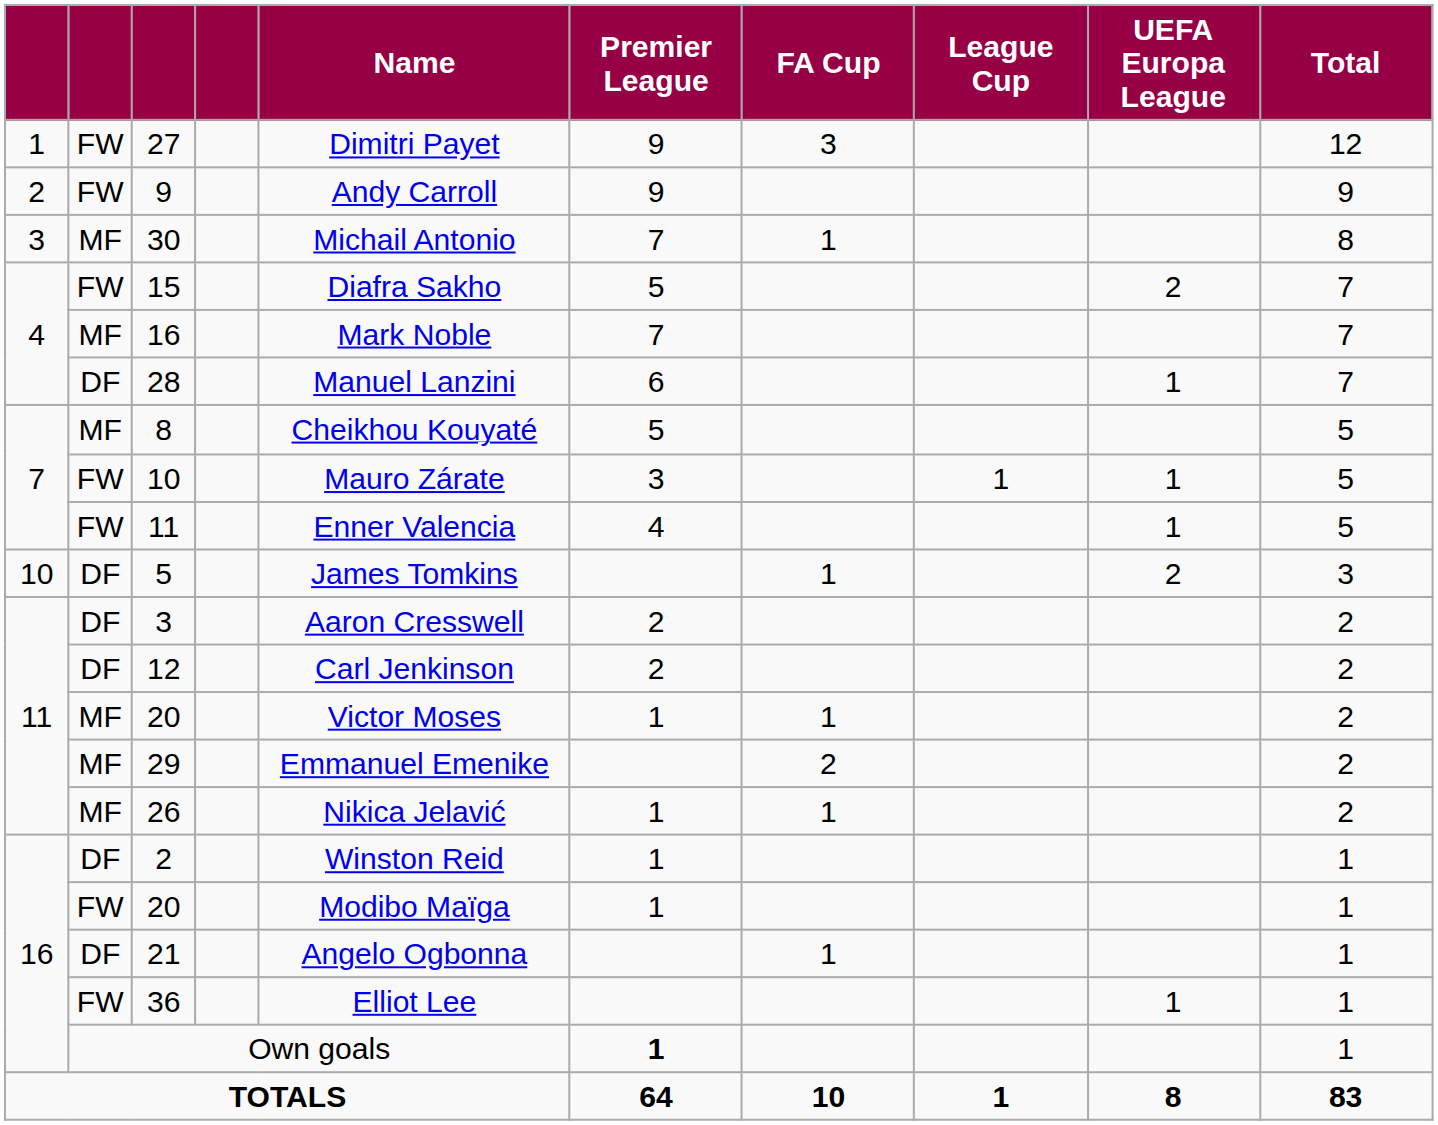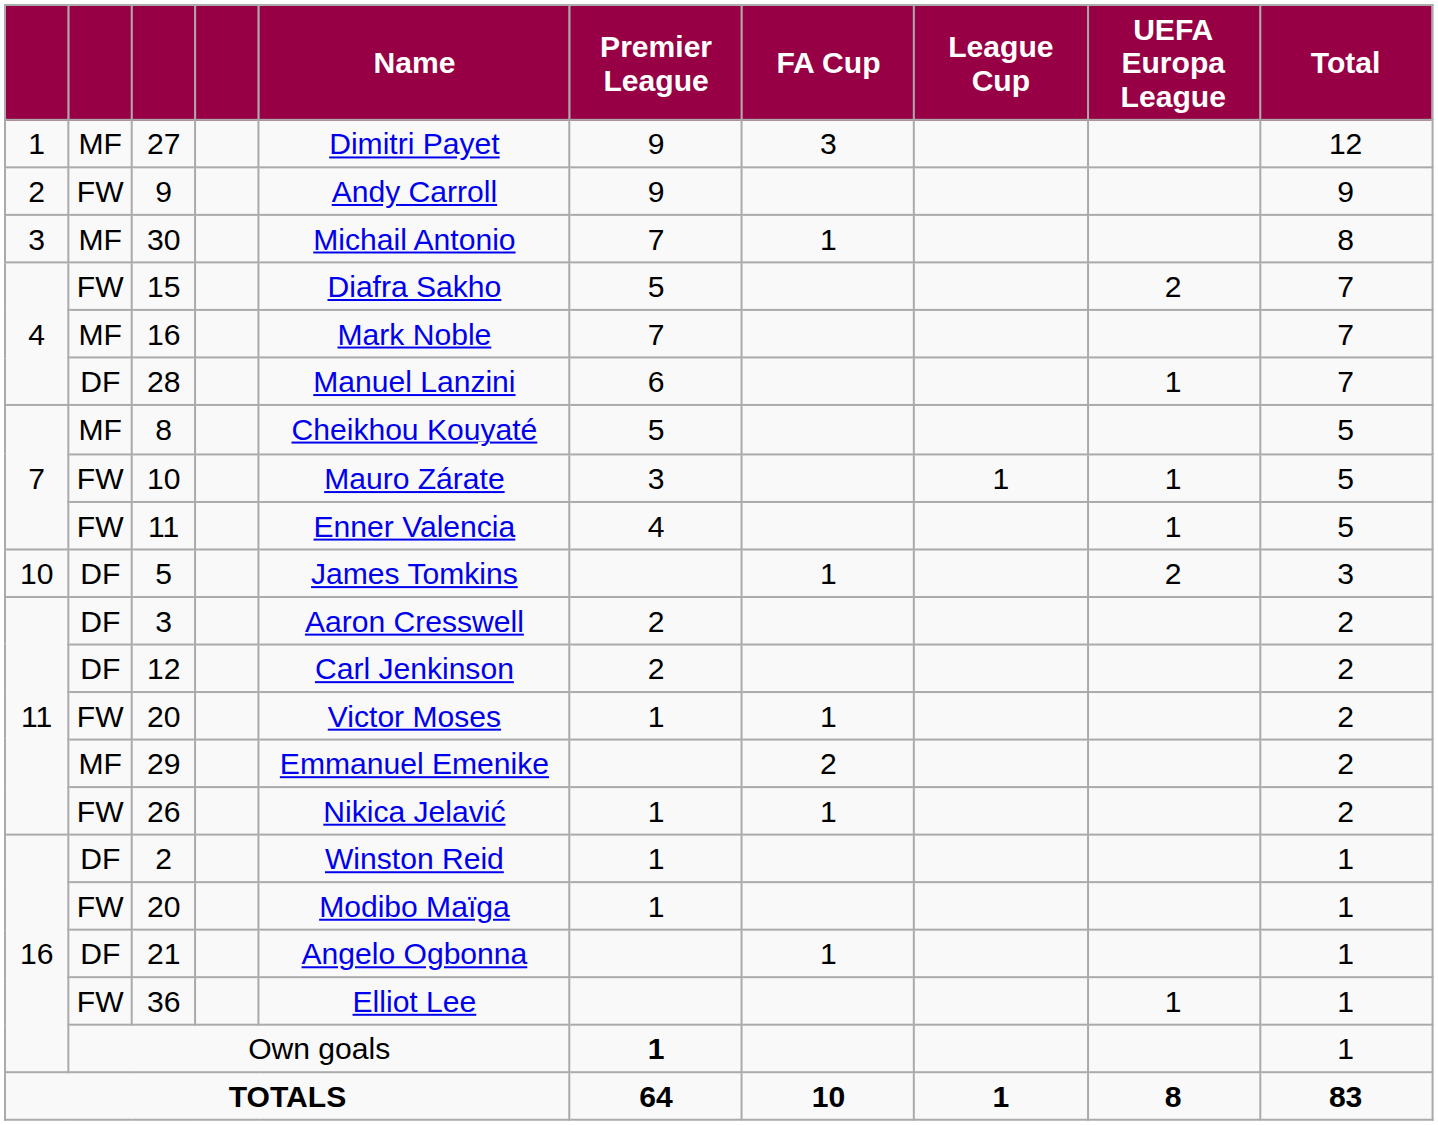 <table class="wikitable sortable" style="font-size: 95%; text-align: center;">
 <tr>
 <th style="width:25px; background:#970045; color:white;"></th>
 <th style="width:25px; background:#970045; color:white;"></th>
 <th style="width:25px; background:#970045; color:white;"></th>
 <th style="width:25px; background:#970045; color:white;"></th>
 <th style="width:150px; background:#970045; color:white;">Name</th>
 <th style="width:80px; background:#970045; color:white;">Premier League</th>
 <th style="width:80px; background:#970045; color:white;">FA Cup</th>
 <th style="width:80px; background:#970045; color:white;">League Cup</th>
 <th style="width:80px; background:#970045; color:white;">UEFA Europa League</th>
 <th style="width:80px; background:#970045; color:white;">Total</th>
 </tr>
 <tr>
 <td>1</td>
-<td>FW</td>
+<td>MF</td>
 <td>27</td>
 <td></td>
 <td data-sort-value="Payet, Dimitri"><a href='#'>Dimitri Payet</a></td>
 <td>9</td>
 <td>3</td>
 <td></td>
 <td></td>
 <td>12</td>
 </tr>
 <tr>
 <td>2</td>
 <td>FW</td>
 <td>9</td>
 <td></td>
 <td data-sort-value="Carroll, Andy"><a href='#'>Andy Carroll</a></td>
 <td>9</td>
 <td></td>
 <td></td>
 <td></td>
 <td>9</td>
 </tr>
 <tr>
 <td>3</td>
 <td>MF</td>
 <td>30</td>
 <td></td>
 <td data-sort-value="Antonio, Michail"><a href='#'>Michail Antonio</a></td>
 <td>7</td>
 <td>1</td>
 <td></td>
 <td></td>
 <td>8</td>
 </tr>
 <tr>
 <td rowspan="3">4</td>
 <td>FW</td>
 <td>15</td>
 <td></td>
 <td data-sort-value="Sakho, Diafra"><a href='#'>Diafra Sakho</a></td>
 <td>5</td>
 <td></td>
 <td></td>
 <td>2</td>
 <td>7</td>
 </tr>
 <tr>
 <td>MF</td>
 <td>16</td>
 <td></td>
 <td data-sort-value="Noble, Mark"><a href='#'>Mark Noble</a></td>
 <td>7</td>
 <td></td>
 <td></td>
 <td></td>
 <td>7</td>
 </tr>
 <tr>
 <td>DF</td>
 <td>28</td>
 <td></td>
 <td data-sort-value="Lanzini, Manuel"><a href='#'>Manuel Lanzini</a></td>
 <td>6</td>
 <td></td>
 <td></td>
 <td>1</td>
 <td>7</td>
 </tr>
 <tr>
 <td rowspan="3">7</td>
 <td>MF</td>
 <td>8</td>
 <td></td>
 <td data-sort-value="Kouyaté, Cheikhou"><a href='#'>Cheikhou Kouyaté</a></td>
 <td>5</td>
 <td></td>
 <td></td>
 <td></td>
 <td>5</td>
 </tr>
 <tr>
 <td>FW</td>
 <td>10</td>
 <td></td>
 <td data-sort-value="Zárate, Mauro"><a href='#'>Mauro Zárate</a></td>
 <td>3</td>
 <td></td>
 <td>1</td>
 <td>1</td>
 <td>5</td>
 </tr>
 <tr>
 <td>FW</td>
 <td>11</td>
 <td></td>
 <td data-sort-value="Valencia, Enner'"><a href='#'>Enner Valencia</a></td>
 <td>4</td>
 <td></td>
 <td></td>
 <td>1</td>
 <td>5</td>
 </tr>
 <tr>
 <td>10</td>
 <td>DF</td>
 <td>5</td>
 <td></td>
 <td data-sort-value="Tomkins, James"><a href='#'>James Tomkins</a></td>
 <td></td>
 <td>1</td>
 <td></td>
 <td>2</td>
 <td>3</td>
 </tr>
 <tr>
 <td rowspan="5">11</td>
 <td>DF</td>
 <td>3</td>
 <td></td>
 <td data-sort-value="Cresswell, Aaron"><a href='#'>Aaron Cresswell</a></td>
 <td>2</td>
 <td></td>
 <td></td>
 <td></td>
 <td>2</td>
 </tr>
 <tr>
 <td>DF</td>
 <td>12</td>
 <td></td>
 <td data-sort-value="Jenkinson, Carl'"><a href='#'>Carl Jenkinson</a></td>
 <td>2</td>
 <td></td>
 <td></td>
 <td></td>
 <td>2</td>
 </tr>
 <tr>
-<td>MF</td>
+<td>FW</td>
 <td>20</td>
 <td></td>
 <td data-sort-value="Moses, Victor"><a href='#'>Victor Moses</a></td>
 <td>1</td>
 <td>1</td>
 <td></td>
 <td></td>
 <td>2</td>
 </tr>
 <tr>
 <td>MF</td>
 <td>29</td>
 <td></td>
 <td data-sort-value="Emenike, Emmanuel"><a href='#'>Emmanuel Emenike</a></td>
 <td></td>
 <td>2</td>
 <td></td>
 <td></td>
 <td>2</td>
 </tr>
 <tr>
-<td>MF</td>
+<td>FW</td>
 <td>26</td>
 <td></td>
 <td data-sort-value="Jelavić, Nikica"><a href='#'>Nikica Jelavić</a></td>
 <td>1</td>
 <td>1</td>
 <td></td>
 <td></td>
 <td>2</td>
 </tr>
 <tr>
 <td rowspan="5">16</td>
 <td>DF</td>
 <td>2</td>
 <td></td>
 <td data-sort-value="Reid, Winston"><a href='#'>Winston Reid</a></td>
 <td>1</td>
 <td></td>
 <td></td>
 <td></td>
 <td>1</td>
 </tr>
 <tr>
 <td>FW</td>
 <td>20</td>
 <td></td>
 <td data-sort-value="Maiga, Modibo"><a href='#'>Modibo Maïga</a></td>
 <td>1</td>
 <td></td>
 <td></td>
 <td></td>
 <td>1</td>
 </tr>
 <tr>
 <td>DF</td>
 <td>21</td>
 <td></td>
 <td data-sort-value="Ogbonna, Angelo"><a href='#'>Angelo Ogbonna</a></td>
 <td></td>
 <td>1</td>
 <td></td>
 <td></td>
 <td>1</td>
 </tr>
 <tr>
 <td>FW</td>
 <td>36</td>
 <td></td>
 <td data-sort-value="Lee, Elliot'"><a href='#'>Elliot Lee</a></td>
 <td></td>
 <td></td>
 <td></td>
 <td>1</td>
 <td>1</td>
 </tr>
 <tr class="sortbottom">
 <td colspan="4">Own goals</td>
 <td><strong>1</strong></td>
 <td></td>
 <td></td>
 <td></td>
 <td>1</td>
 </tr>
 <tr class="sortbottom">
 <td colspan=5><strong>TOTALS</strong></td>
 <td><strong>64</strong></td>
 <td><strong>10</strong></td>
 <td><strong>1</strong></td>
 <td><strong>8</strong></td>
 <td><strong>83</strong></td>
 </tr>
 </table>
